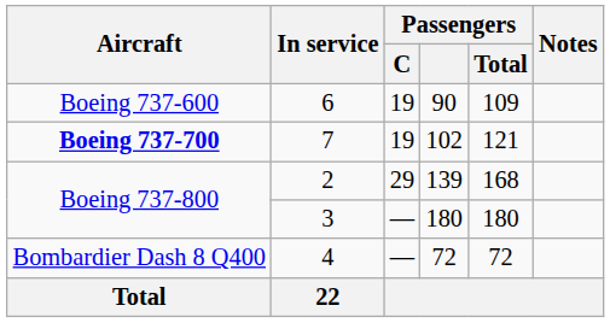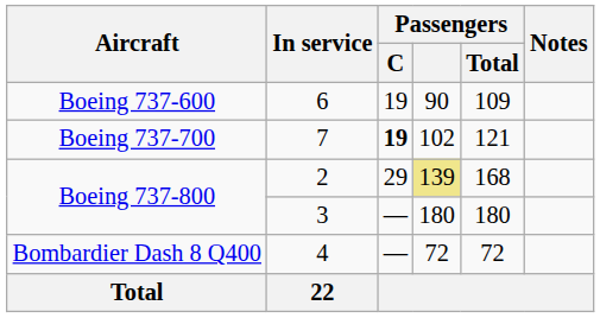 <table class="wikitable" style="text-align:center; margin:auto;">
 <tr>
 <th rowspan=2>Aircraft</th>
 <th rowspan=2>In service</th>
 <th colspan=3>Passengers</th>
 <th rowspan=2>Notes</th>
 </tr>
 <tr>
 <th><abbr>C</abbr></th>
 <th><abbr></abbr></th>
 <th>Total</th>
 </tr>
 <tr>
 <td><a href='#'>Boeing 737-600</a></td>
 <td>6</td>
 <td>19</td>
 <td>90</td>
 <td>109</td>
 <td></td>
 </tr>
 <tr>
-<td><strong><a href='#'>Boeing 737-700</a></strong></td>
+<td><a href='#'>Boeing 737-700</a></td>
 <td>7</td>
-<td>19</td>
+<td><strong>19</strong></td>
 <td>102</td>
 <td>121</td>
 <td></td>
 </tr>
 <tr>
 <td rowspan=2><a href='#'>Boeing 737-800</a></td>
 <td>2</td>
 <td>29</td>
-<td>139</td>
+<td style="background: khaki;">139</td>
 <td>168</td>
 <td></td>
 </tr>
 <tr>
 <td>3</td>
 <td>—</td>
 <td>180</td>
 <td>180</td>
 <td></td>
 </tr>
 <tr>
 <td><a href='#'>Bombardier Dash 8 Q400</a></td>
 <td>4</td>
 <td>—</td>
 <td>72</td>
 <td>72</td>
 <td></td>
 </tr>
 <tr>
 <th>Total</th>
 <th>22</th>
 <th colspan=4></th>
 </tr>
 </table>
